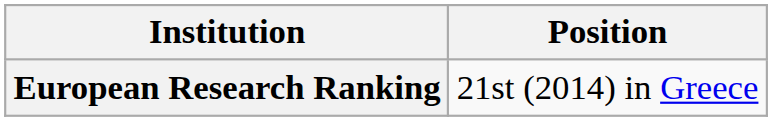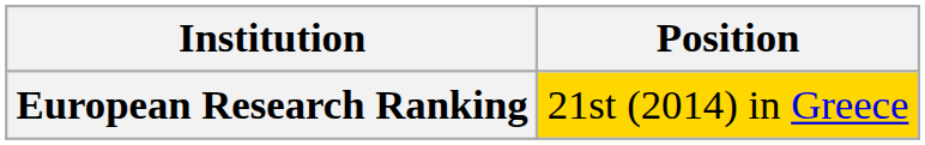 <table class="wikitable" style="margin:auto;">
 <tr>
 <th>Institution</th>
 <th>Position</th>
 </tr>
 <tr>
 <th>European Research Ranking</th>
-<td>21st (2014) in <a href='#'>Greece</a></td>
+<td style="background: gold;">21st (2014) in <a href='#'>Greece</a></td>
 </tr>
 </table>
